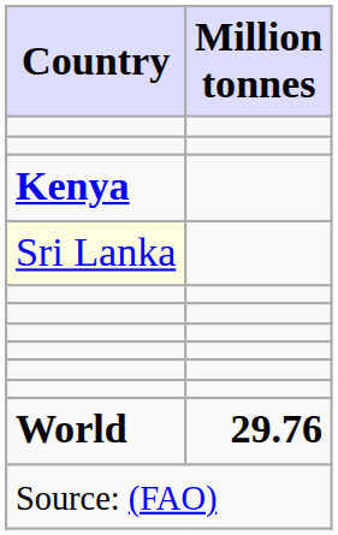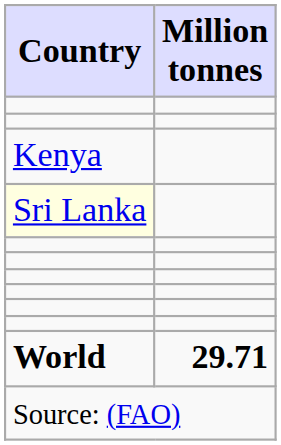 <table class="wikitable floatright">
 <tr>
 <th style="background:#ddf;">Country</th>
 <th style="background:#ddf;">Million<br> tonnes</th>
 </tr>
 <tr>
 <td></td>
 <td></td>
 </tr>
 <tr>
 <td></td>
 <td></td>
 </tr>
 <tr>
-<td><strong> <a href='#'>Kenya</a></strong></td>
+<td> <a href='#'>Kenya</a></td>
 <td></td>
 </tr>
 <tr>
 <td style="background: lightyellow;"> <a href='#'>Sri Lanka</a></td>
 <td></td>
 </tr>
 <tr>
 <td></td>
 <td></td>
 </tr>
 <tr>
 <td></td>
 <td></td>
 </tr>
 <tr>
 <td></td>
 <td></td>
 </tr>
 <tr>
 <td></td>
 <td></td>
 </tr>
 <tr>
 <td></td>
 <td></td>
 </tr>
 <tr>
 <td></td>
 <td></td>
 </tr>
 <tr>
 <td><strong>World</strong></td>
-<td style="text-align:right;"><strong>29.76</strong></td>
+<td style="text-align:right;"><strong>29.71</strong></td>
 </tr>
 <tr>
 <td colspan=2><small>Source: <a href='#'>(FAO)</a></small></td>
 </tr>
 </table>
